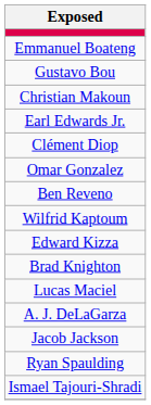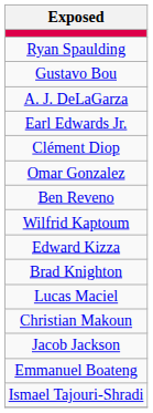 <table class="wikitable" style="text-align:center">
 <tr>
 <th>Exposed</th>
 </tr>
 <tr>
 <td style="background: #DD004A"></td>
 </tr>
 <tr>
-<td><a href='#'>Emmanuel Boateng</a></td>
+<td><a href='#'>Ryan Spaulding</a></td>
 </tr>
 <tr>
 <td><a href='#'>Gustavo Bou</a></td>
 </tr>
 <tr>
-<td><a href='#'>Christian Makoun</a></td>
+<td><a href='#'>A. J. DeLaGarza</a></td>
 </tr>
 <tr>
 <td><a href='#'>Earl Edwards Jr.</a></td>
 </tr>
 <tr>
 <td><a href='#'>Clément Diop</a></td>
 </tr>
 <tr>
 <td><a href='#'>Omar Gonzalez</a></td>
 </tr>
 <tr>
 <td><a href='#'>Ben Reveno</a></td>
 </tr>
 <tr>
 <td><a href='#'>Wilfrid Kaptoum</a></td>
 </tr>
 <tr>
 <td><a href='#'>Edward Kizza</a></td>
 </tr>
 <tr>
 <td><a href='#'>Brad Knighton</a></td>
 </tr>
 <tr>
 <td><a href='#'>Lucas Maciel</a></td>
 </tr>
 <tr>
-<td><a href='#'>A. J. DeLaGarza</a></td>
+<td><a href='#'>Christian Makoun</a></td>
 </tr>
 <tr>
 <td><a href='#'>Jacob Jackson</a></td>
 </tr>
 <tr>
-<td><a href='#'>Ryan Spaulding</a></td>
+<td><a href='#'>Emmanuel Boateng</a></td>
 </tr>
 <tr>
 <td><a href='#'>Ismael Tajouri-Shradi</a></td>
 </tr>
 <tr>
 </tr>
 </table>
